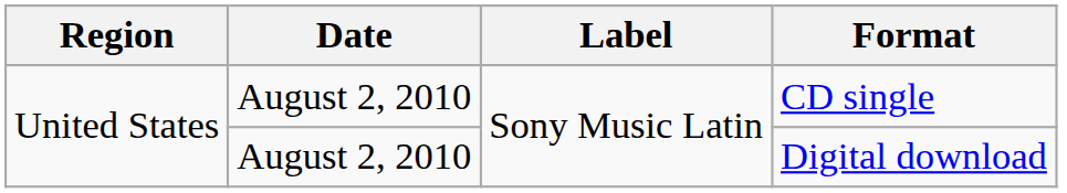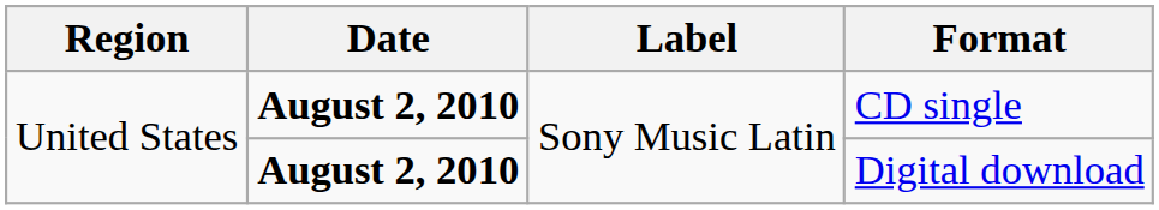 <table class="wikitable">
 <tr>
 <th>Region</th>
 <th>Date</th>
 <th>Label</th>
 <th>Format</th>
 </tr>
 <tr>
 <td rowspan="2">United States</td>
-<td>August 2, 2010</td>
+<td><strong>August 2, 2010</strong></td>
 <td rowspan="2">Sony Music Latin</td>
 <td><a href='#'>CD single</a></td>
 </tr>
 <tr>
-<td>August 2, 2010</td>
+<td><strong>August 2, 2010</strong></td>
 <td><a href='#'>Digital download</a></td>
 </tr>
 </table>
